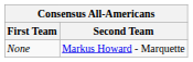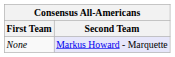 <table class="wikitable" style="font-size: 95%">
 <tr>
 <th Colspan=2>Consensus All-Americans</th>
 </tr>
 <tr>
 <th>First Team</th>
 <th>Second Team</th>
 </tr>
 <tr>
 <td><em>None</em></td>
-<td><a href='#'>Markus Howard</a> - Marquette</td>
+<td style="background: lavender;"><a href='#'>Markus Howard</a> - Marquette</td>
 </tr>
 </table>
